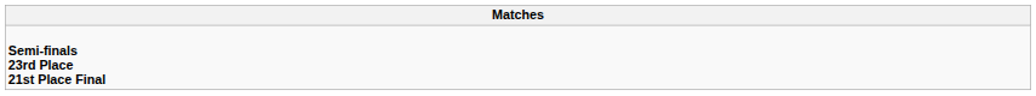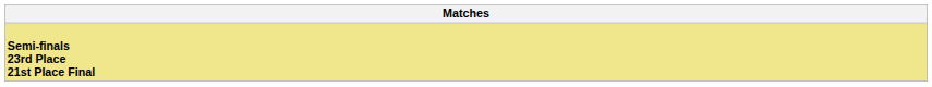 <table class="wikitable collapsible collapsed" style="width:100%;">
 <tr>
 <th>Matches</th>
 </tr>
 <tr>
-<td><br><strong>Semi-finals</strong>  <br><strong>23rd Place</strong> <br><strong>21st Place Final</strong> </td>
+<td style="background: khaki;"><br><strong>Semi-finals</strong>  <br><strong>23rd Place</strong> <br><strong>21st Place Final</strong> </td>
 </tr>
 </table>
